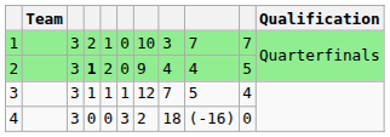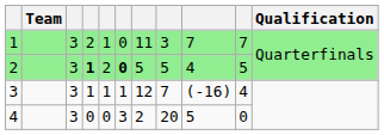 <table class="wikitable">
 <tr>
 <th></th>
 <th>Team</th>
 <th></th>
 <th></th>
 <th></th>
 <th></th>
 <th></th>
 <th></th>
 <th></th>
 <th></th>
 <th>Qualification</th>
 </tr>
 <tr bgcolor=lightgreen>
 <td>1</td>
 <td></td>
 <td>3</td>
 <td>2</td>
 <td>1</td>
 <td>0</td>
-<td>10</td>
+<td>11</td>
 <td>3</td>
 <td>7</td>
 <td>7</td>
 <td rowspan=2>Quarterfinals</td>
 </tr>
 <tr bgcolor=lightgreen>
 <td>2</td>
 <td></td>
 <td>3</td>
 <td><strong>1</strong></td>
 <td>2</td>
-<td>0</td>
-<td>9</td>
-<td>4</td>
+<td><strong>0</strong></td>
+<td>5</td>
+<td>5</td>
 <td>4</td>
 <td>5</td>
 </tr>
 <tr>
 <td>3</td>
 <td></td>
 <td>3</td>
 <td>1</td>
 <td>1</td>
 <td>1</td>
 <td>12</td>
 <td>7</td>
-<td>5</td>
+<td>(-16)</td>
 <td>4</td>
 <td rowspan=2></td>
 </tr>
 <tr>
 <td>4</td>
 <td></td>
 <td>3</td>
 <td>0</td>
 <td>0</td>
 <td>3</td>
 <td>2</td>
-<td>18</td>
-<td>(-16)</td>
+<td>20</td>
+<td>5</td>
 <td>0</td>
 </tr>
 </table>
